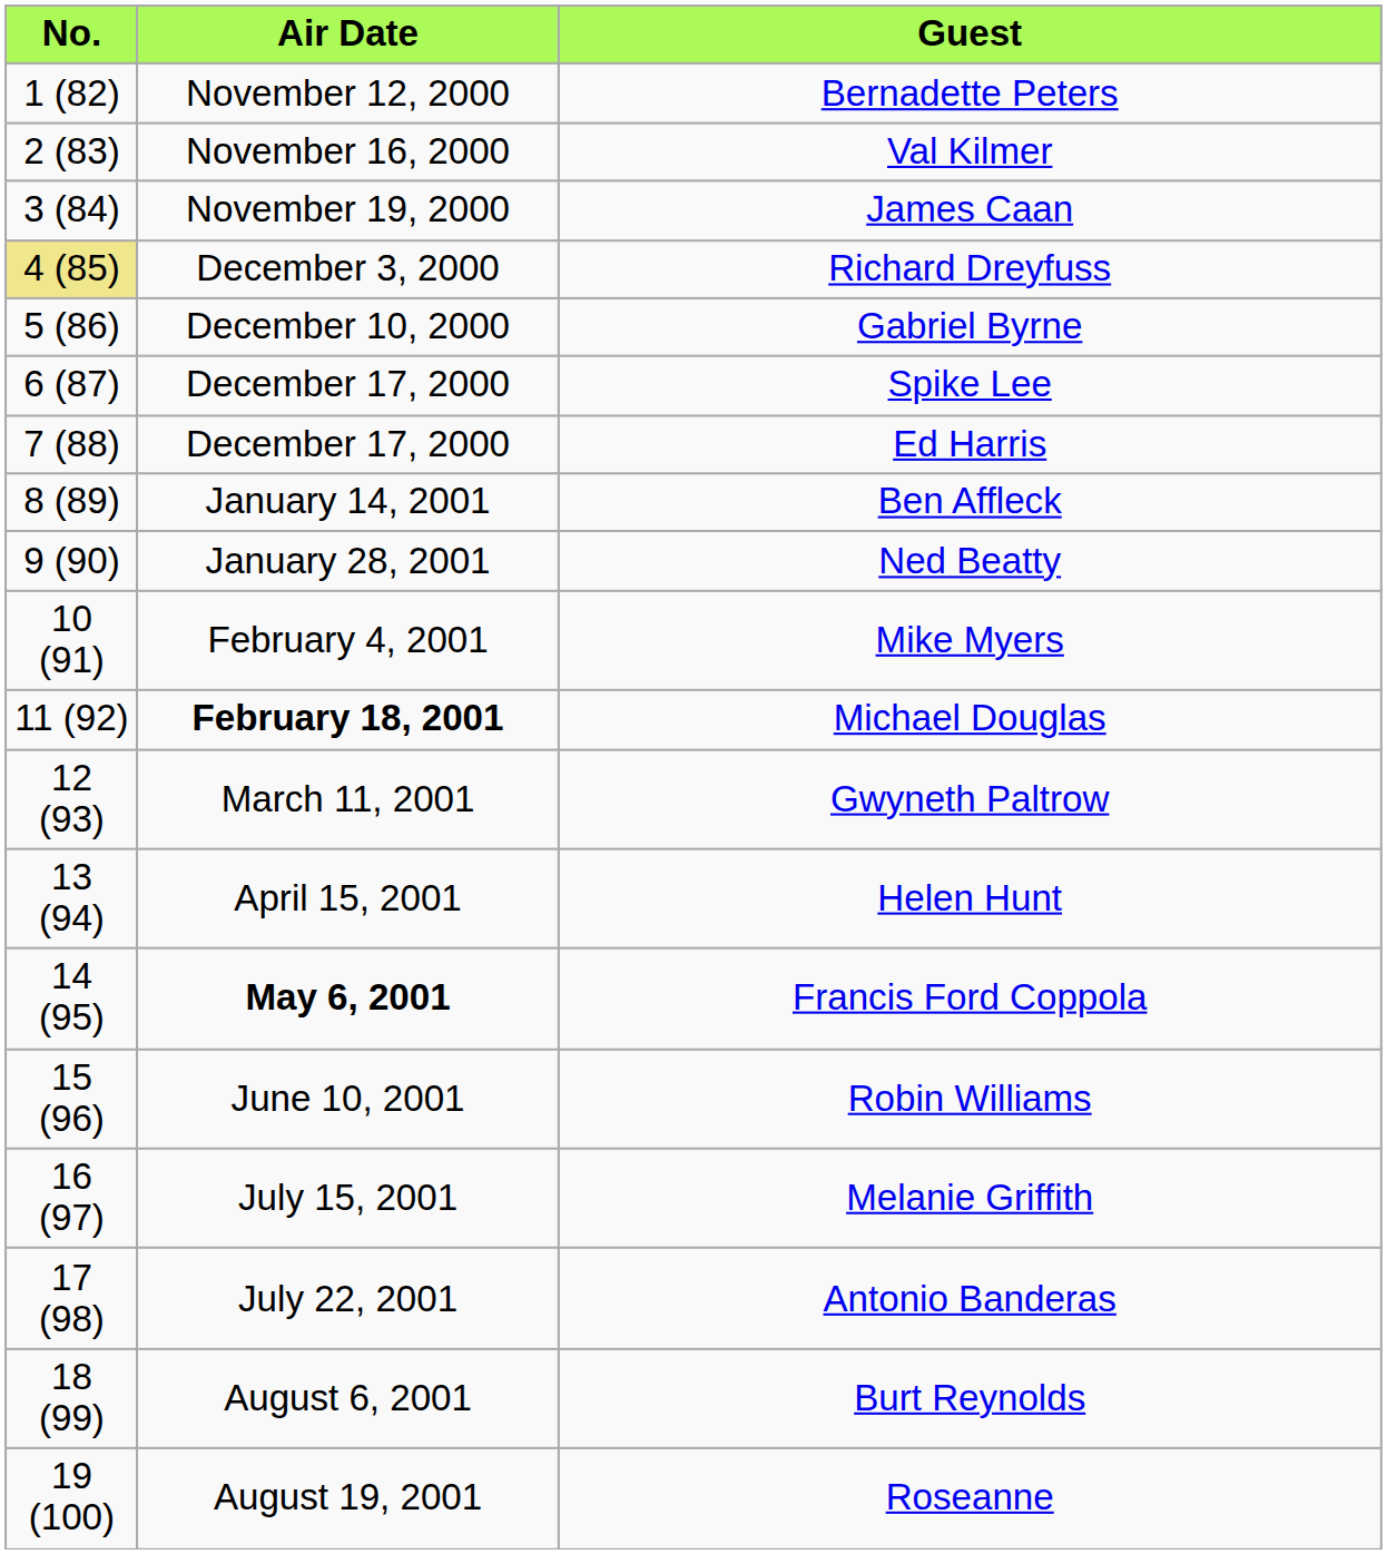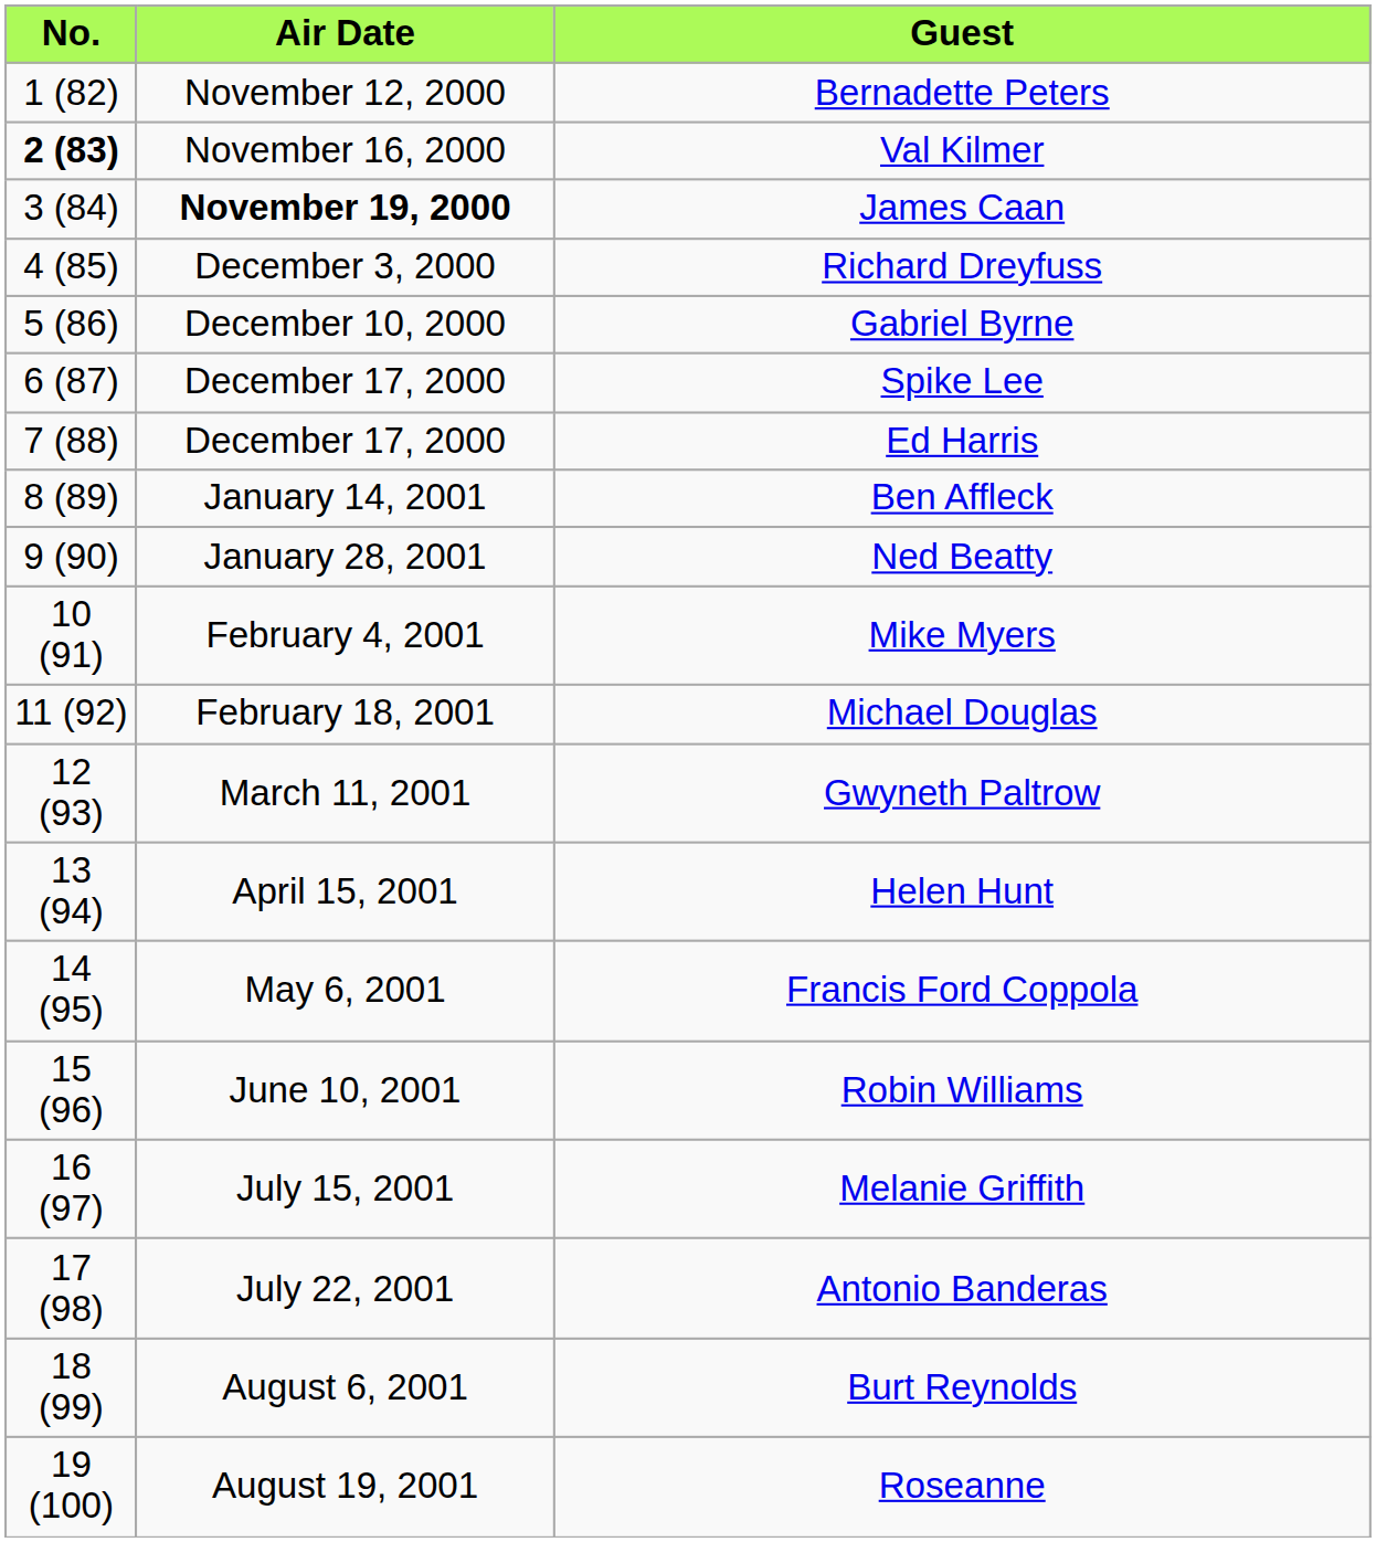 <table class="wikitable" style="text-align:center;">
 <tr>
 <th width="50" style="background:#ACFA58">No.</th>
 <th width="175" style="background:#ACFA58">Air Date</th>
 <th width="350" style="background:#ACFA58">Guest</th>
 </tr>
 <tr>
 <td>1 (82)</td>
 <td>November 12, 2000</td>
 <td><a href='#'>Bernadette Peters</a></td>
 </tr>
 <tr>
-<td>2 (83)</td>
+<td><strong>2 (83)</strong></td>
 <td>November 16, 2000</td>
 <td><a href='#'>Val Kilmer</a></td>
 </tr>
 <tr>
 <td>3 (84)</td>
-<td>November 19, 2000</td>
+<td><strong>November 19, 2000</strong></td>
 <td><a href='#'>James Caan</a></td>
 </tr>
 <tr>
-<td style="background: khaki;">4 (85)</td>
+<td>4 (85)</td>
 <td>December 3, 2000</td>
 <td><a href='#'>Richard Dreyfuss</a></td>
 </tr>
 <tr>
 <td>5 (86)</td>
 <td>December 10, 2000</td>
 <td><a href='#'>Gabriel Byrne</a></td>
 </tr>
 <tr>
 <td>6 (87)</td>
 <td>December 17, 2000</td>
 <td><a href='#'>Spike Lee</a></td>
 </tr>
 <tr>
 <td>7 (88)</td>
 <td>December 17, 2000</td>
 <td><a href='#'>Ed Harris</a></td>
 </tr>
 <tr>
 <td>8 (89)</td>
 <td>January 14, 2001</td>
 <td><a href='#'>Ben Affleck</a></td>
 </tr>
 <tr>
 <td>9 (90)</td>
 <td>January 28, 2001</td>
 <td><a href='#'>Ned Beatty</a></td>
 </tr>
 <tr>
 <td>10 (91)</td>
 <td>February 4, 2001</td>
 <td><a href='#'>Mike Myers</a></td>
 </tr>
 <tr>
 <td>11 (92)</td>
-<td><strong>February 18, 2001</strong></td>
+<td>February 18, 2001</td>
 <td><a href='#'>Michael Douglas</a></td>
 </tr>
 <tr>
 <td>12 (93)</td>
 <td>March 11, 2001</td>
 <td><a href='#'>Gwyneth Paltrow</a></td>
 </tr>
 <tr>
 <td>13 (94)</td>
 <td>April 15, 2001</td>
 <td><a href='#'>Helen Hunt</a></td>
 </tr>
 <tr>
 <td>14 (95)</td>
-<td><strong>May 6, 2001</strong></td>
+<td>May 6, 2001</td>
 <td><a href='#'>Francis Ford Coppola</a></td>
 </tr>
 <tr>
 <td>15 (96)</td>
 <td>June 10, 2001</td>
 <td><a href='#'>Robin Williams</a></td>
 </tr>
 <tr>
 <td>16 (97)</td>
 <td>July 15, 2001</td>
 <td><a href='#'>Melanie Griffith</a></td>
 </tr>
 <tr>
 <td>17 (98)</td>
 <td>July 22, 2001</td>
 <td><a href='#'>Antonio Banderas</a></td>
 </tr>
 <tr>
 <td>18 (99)</td>
 <td>August 6, 2001</td>
 <td><a href='#'>Burt Reynolds</a></td>
 </tr>
 <tr>
 <td>19 (100)</td>
 <td>August 19, 2001</td>
 <td><a href='#'>Roseanne</a></td>
 </tr>
 <tr>
 </tr>
 </table>
